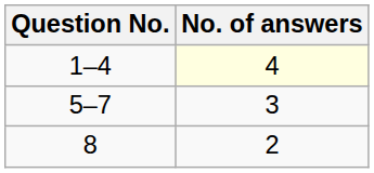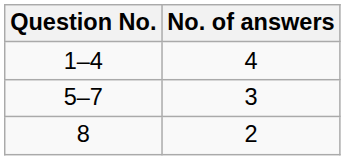 <table class="wikitable" style="text-align:center">
 <tr>
 <th>Question No.</th>
 <th>No. of answers</th>
 </tr>
 <tr>
 <td>1–4</td>
-<td style="background: lightyellow;">4</td>
+<td>4</td>
 </tr>
 <tr>
 <td>5–7</td>
 <td>3</td>
 </tr>
 <tr>
 <td>8</td>
 <td>2</td>
 </tr>
 </table>
